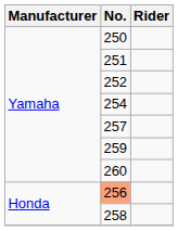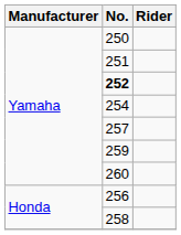 <table class="wikitable" style="font-size:85%">
 <tr>
 <th>Manufacturer</th>
 <th>No.</th>
 <th>Rider</th>
 </tr>
 <tr>
 <td rowspan=7> <a href='#'>Yamaha</a></td>
 <td>250</td>
 <td></td>
 </tr>
 <tr>
 <td>251</td>
 <td></td>
 </tr>
 <tr>
-<td>252</td>
+<td><strong>252</strong></td>
 <td></td>
 </tr>
 <tr>
 <td>254</td>
 <td></td>
 </tr>
 <tr>
 <td>257</td>
 <td></td>
 </tr>
 <tr>
 <td>259</td>
 <td></td>
 </tr>
 <tr>
 <td>260</td>
 <td></td>
 </tr>
 <tr>
 <td rowspan=2> <a href='#'>Honda</a></td>
-<td style="background: lightsalmon;">256</td>
+<td>256</td>
 <td></td>
 </tr>
 <tr>
 <td>258</td>
 <td></td>
 </tr>
 <tr>
 </tr>
 </table>
